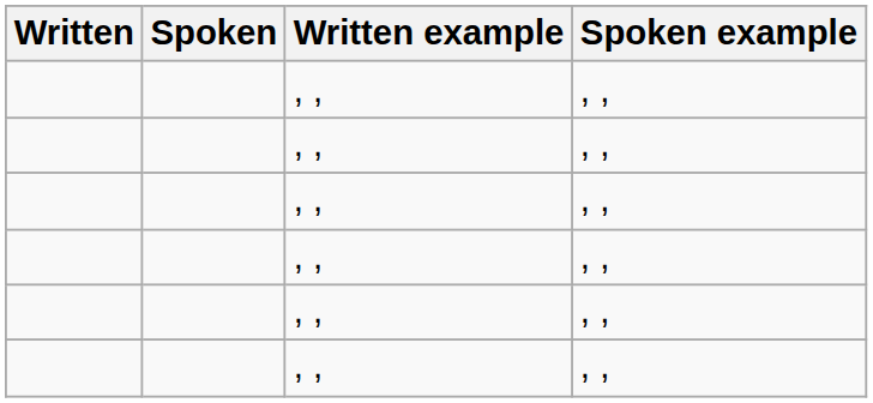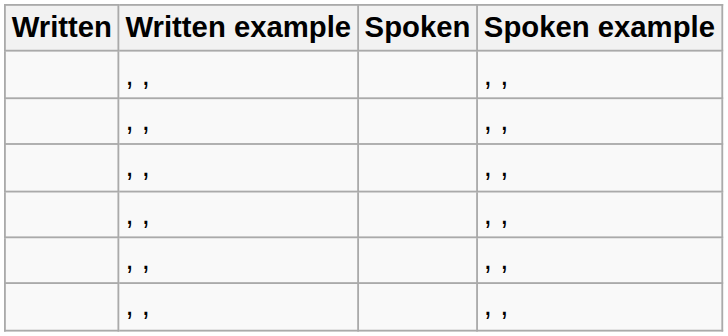 <table class="wikitable">
 <tr>
 <th>Written</th>
+<th>Written example</th>
 <th>Spoken</th>
-<th>Written example</th>
 <th>Spoken example</th>
 </tr>
 <tr>
 <td></td>
+<td>, , </td>
 <td></td>
-<td>, , </td>
 <td>, , </td>
 </tr>
 <tr>
 <td></td>
+<td>, , </td>
 <td></td>
-<td>, , </td>
 <td>, , </td>
 </tr>
 <tr>
 <td></td>
+<td>, , </td>
 <td></td>
-<td>, , </td>
 <td>, , </td>
 </tr>
 <tr>
 <td></td>
+<td>, , </td>
 <td></td>
-<td>, , </td>
 <td>, , </td>
 </tr>
 <tr>
 <td></td>
+<td>, , </td>
 <td></td>
-<td>, , </td>
 <td>, , </td>
 </tr>
 <tr>
 <td></td>
+<td>, , </td>
 <td></td>
-<td>, , </td>
 <td>, , </td>
 </tr>
 </table>
